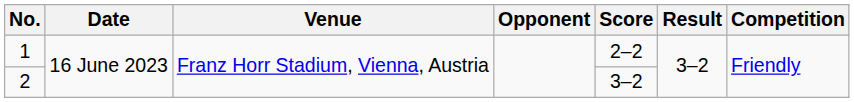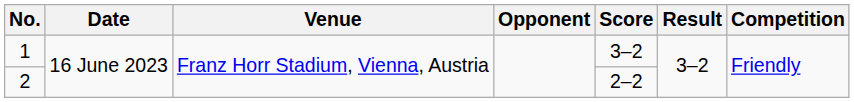 <table class="wikitable sortable">
 <tr>
 <th scope="col">No.</th>
 <th scope="col">Date</th>
 <th scope="col">Venue</th>
 <th scope="col">Opponent</th>
 <th scope="col">Score</th>
 <th scope="col">Result</th>
 <th scope="col">Competition</th>
 </tr>
 <tr>
 <td style="text-align:center">1</td>
 <td rowspan="2">16 June 2023</td>
 <td rowspan="2"><a href='#'>Franz Horr Stadium</a>, <a href='#'>Vienna</a>, Austria</td>
 <td rowspan="2"></td>
-<td style="text-align:center">2–2</td>
+<td style="text-align:center">3–2</td>
 <td rowspan="2" style="text-align:center">3–2</td>
 <td rowspan="2"><a href='#'>Friendly</a></td>
 </tr>
 <tr>
 <td style="text-align:center">2</td>
-<td style="text-align:center">3–2</td>
+<td style="text-align:center">2–2</td>
 </tr>
 </table>
